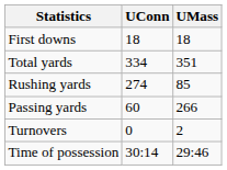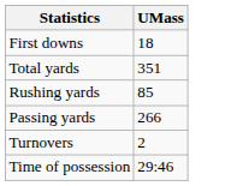 <table class="wikitable">
 <tr>
 <th>Statistics</th>
-<th>UConn</th>
 <th>UMass</th>
 </tr>
 <tr>
 <td>First downs</td>
 <td>18</td>
-<td>18</td>
 </tr>
 <tr>
 <td>Total yards</td>
-<td>334</td>
 <td>351</td>
 </tr>
 <tr>
 <td>Rushing yards</td>
-<td>274</td>
 <td>85</td>
 </tr>
 <tr>
 <td>Passing yards</td>
-<td>60</td>
 <td>266</td>
 </tr>
 <tr>
 <td>Turnovers</td>
-<td>0</td>
 <td>2</td>
 </tr>
 <tr>
 <td>Time of possession</td>
-<td>30:14</td>
 <td>29:46</td>
 </tr>
 </table>
